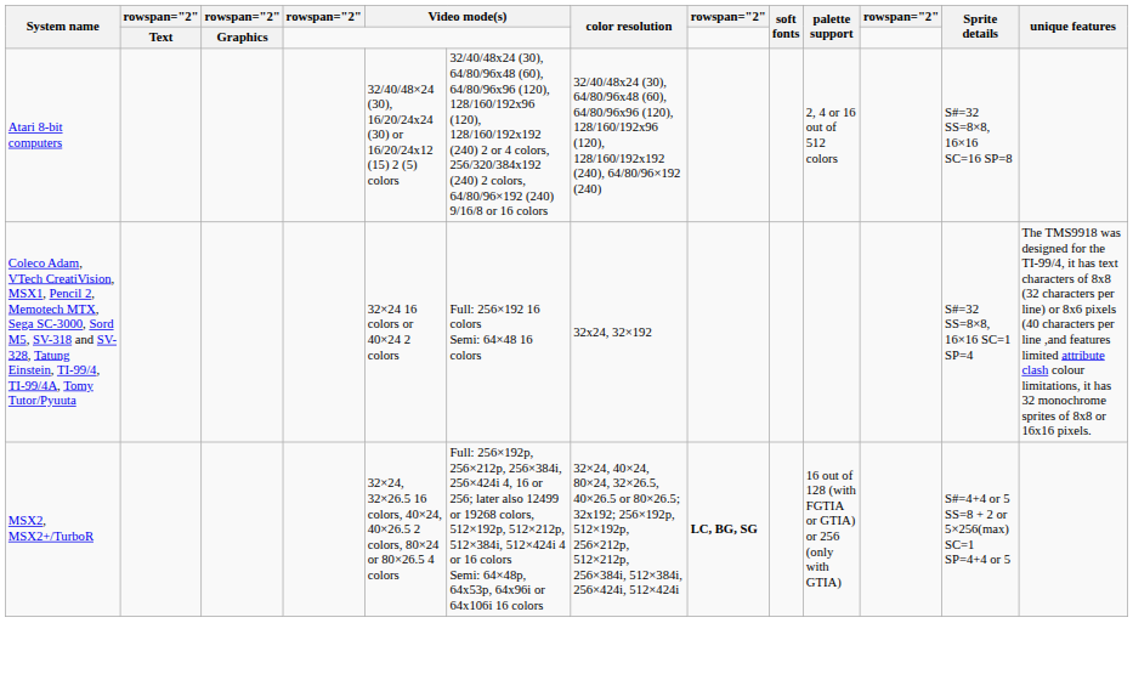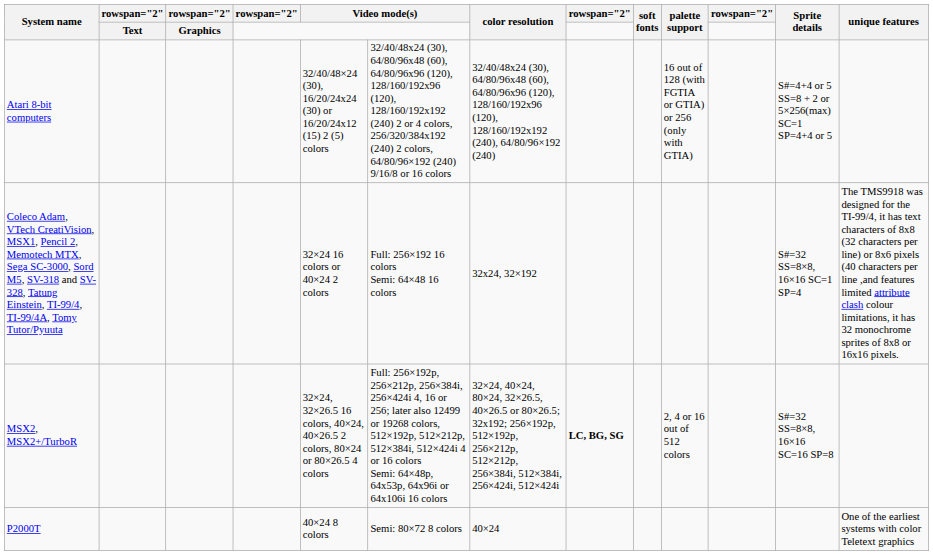 <table class="wikitable" style="font-size: 90%;">
 <tr>
 <th rowspan="2">System name</th>
 <th>rowspan="2" </th>
 <th>rowspan="2" </th>
 <th>rowspan="2" </th>
 <th colspan="2">Video mode(s)</th>
 <th rowspan="2">color resolution</th>
 <th>rowspan="2" </th>
 <th rowspan="2">soft fonts</th>
 <th rowspan="2">palette support</th>
 <th>rowspan="2" </th>
 <th rowspan="2">Sprite details</th>
 <th rowspan="2">unique features</th>
 </tr>
 <tr>
 <th>Text</th>
 <th>Graphics</th>
 </tr>
 <tr>
 <td><a href='#'>Atari 8-bit computers</a></td>
 <td></td>
 <td></td>
 <td></td>
 <td>32/40/48×24 (30), 16/20/24x24 (30) or 16/20/24x12 (15) 2 (5) colors</td>
 <td>32/40/48x24 (30), 64/80/96x48 (60), 64/80/96x96 (120), 128/160/192x96 (120), 128/160/192x192 (240) 2 or 4 colors, 256/320/384x192 (240) 2 colors, 64/80/96×192 (240) 9/16/8 or 16 colors</td>
 <td>32/40/48x24 (30), 64/80/96x48 (60), 64/80/96x96 (120), 128/160/192x96 (120), 128/160/192x192 (240), 64/80/96×192 (240)</td>
 <td></td>
 <td></td>
-<td>2, 4 or 16 out of 512 colors</td>
+<td>16 out of 128 (with FGTIA or GTIA) or 256 (only with GTIA)</td>
 <td></td>
-<td>S#=32 SS=8×8, 16×16 SC=16 SP=8</td>
+<td>S#=4+4 or 5 SS=8 + 2 or 5×256(max) SC=1 SP=4+4 or 5</td>
 <td></td>
 </tr>
 <tr>
 <td><a href='#'>Coleco Adam</a>, <a href='#'>VTech CreatiVision</a>, <a href='#'>MSX1</a>, <a href='#'>Pencil 2</a>, <a href='#'>Memotech MTX</a>, <a href='#'>Sega SC-3000</a>, <a href='#'>Sord M5</a>, <a href='#'>SV-318</a> and <a href='#'>SV-328</a>, <a href='#'>Tatung Einstein</a>, <a href='#'>TI-99/4</a>, <a href='#'>TI-99/4A</a>, <a href='#'>Tomy Tutor/Pyuuta</a></td>
 <td></td>
 <td></td>
 <td></td>
 <td>32×24 16 colors or 40×24 2 colors</td>
 <td>Full: 256×192 16 colors<br>Semi: 64×48 16 colors</td>
 <td>32x24, 32×192</td>
 <td></td>
 <td></td>
 <td></td>
 <td></td>
 <td>S#=32 SS=8×8, 16×16 SC=1 SP=4</td>
 <td>The TMS9918 was designed for the TI-99/4, it has text characters of 8x8 (32 characters per line) or 8x6 pixels (40 characters per line ,and features limited <a href='#'>attribute clash</a> colour limitations, it has 32 monochrome sprites of 8x8 or 16x16 pixels.</td>
 </tr>
 <tr>
 <td><a href='#'>MSX2</a>, <a href='#'>MSX2+/TurboR</a></td>
 <td></td>
 <td></td>
 <td></td>
 <td>32×24, 32×26.5 16 colors, 40×24, 40×26.5 2 colors, 80×24 or 80×26.5 4 colors</td>
 <td>Full: 256×192p, 256×212p, 256×384i, 256×424i 4, 16 or 256; later also 12499 or 19268 colors, 512×192p, 512×212p, 512×384i, 512×424i 4 or 16 colors<br>Semi: 64×48p, 64x53p, 64x96i or 64x106i 16 colors</td>
 <td>32×24, 40×24, 80×24, 32×26.5, 40×26.5 or 80×26.5; 32x192; 256×192p, 512×192p, 256×212p, 512×212p, 256×384i, 512×384i, 256×424i, 512×424i</td>
 <td><strong>LC, BG, SG</strong></td>
 <td></td>
-<td>16 out of 128 (with FGTIA or GTIA) or 256 (only with GTIA)</td>
+<td>2, 4 or 16 out of 512 colors</td>
 <td></td>
-<td>S#=4+4 or 5 SS=8 + 2 or 5×256(max) SC=1 SP=4+4 or 5</td>
+<td>S#=32 SS=8×8, 16×16 SC=16 SP=8</td>
 <td></td>
 </tr>
+<tr>
+<td><a href='#'>P2000T</a></td>
+<td></td>
+<td></td>
+<td></td>
+<td>40×24 8 colors</td>
+<td>Semi: 80×72 8 colors</td>
+<td>40×24</td>
+<td></td>
+<td></td>
+<td></td>
+<td></td>
+<td></td>
+<td>One of the earliest systems with color Teletext graphics</td>
+</tr>
 </table>
